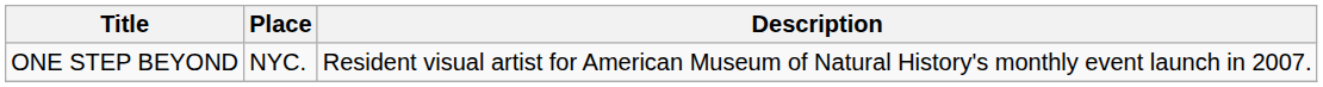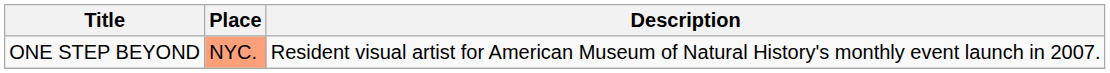 <table class="wikitable">
 <tr>
 <th>Title</th>
 <th>Place</th>
 <th>Description</th>
 </tr>
 <tr>
 <td>ONE STEP BEYOND </td>
-<td>NYC.</td>
+<td style="background: lightsalmon;">NYC.</td>
 <td>Resident visual artist for American Museum of Natural History's monthly event launch in 2007.</td>
 </tr>
 <tr>
 </tr>
 </table>
